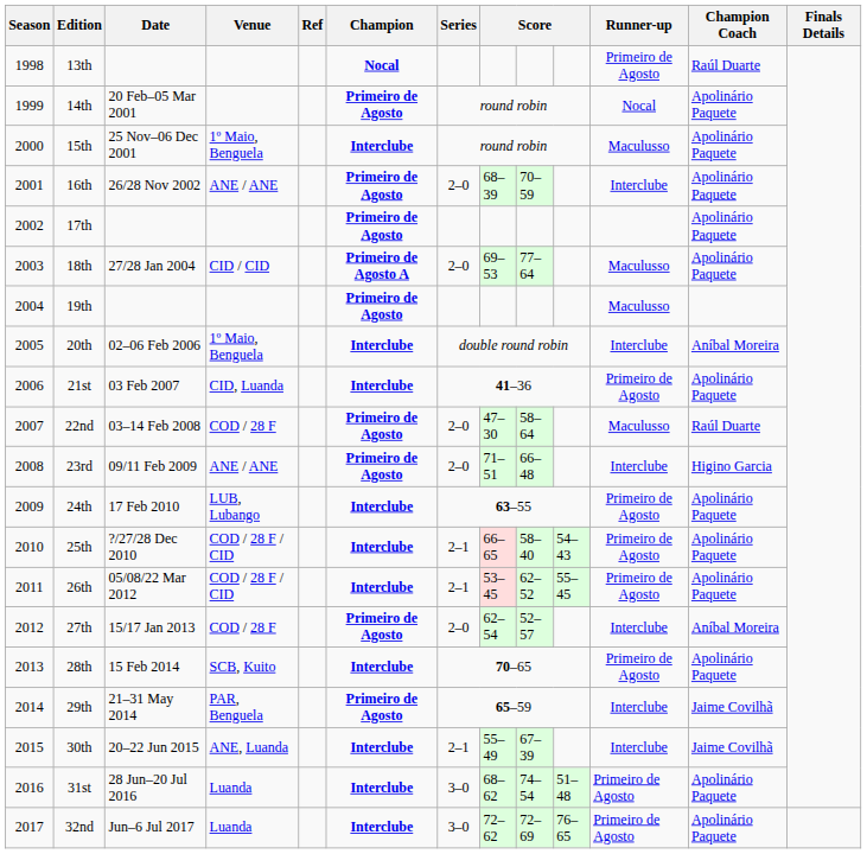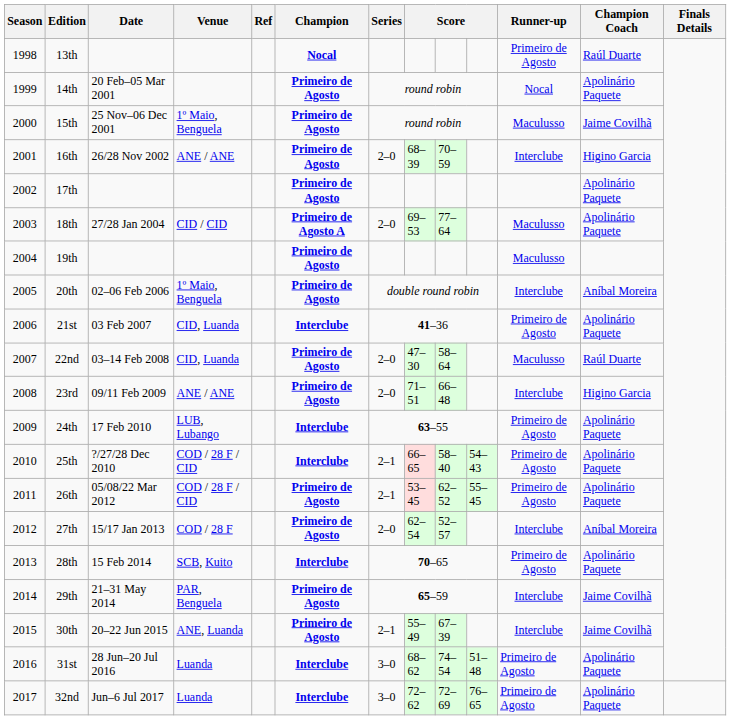 <table class="wikitable" style="font-size: 90%;">
 <tr>
 <th>Season</th>
 <th>Edition</th>
 <th>Date</th>
 <th>Venue</th>
 <th>Ref</th>
 <th>Champion</th>
 <th>Series</th>
 <th colspan=3>Score</th>
 <th>Runner-up</th>
 <th>Champion Coach</th>
 <th>Finals Details</th>
 </tr>
 <tr style="text-align:center;">
 <td>1998</td>
 <td>13th</td>
 <td></td>
 <td></td>
 <td></td>
 <td><strong><a href='#'>Nocal</a></strong></td>
 <td></td>
 <td></td>
 <td></td>
 <td></td>
 <td><a href='#'>Primeiro de Agosto</a></td>
 <td style="text-align:left;"> <a href='#'>Raúl Duarte</a></td>
 </tr>
 <tr style="text-align:center;">
 <td>1999</td>
 <td>14th</td>
 <td style="text-align:left;">20 Feb–05 Mar 2001</td>
 <td></td>
 <td style="text-align:left;"></td>
 <td><strong><a href='#'>Primeiro de Agosto</a></strong></td>
 <td colspan=4><em>round robin</em></td>
 <td><a href='#'>Nocal</a></td>
 <td style="text-align:left;"> <a href='#'>Apolinário Paquete</a></td>
 </tr>
 <tr>
 <td style="text-align:center;">2000</td>
 <td style="text-align:center;">15th</td>
 <td>25 Nov–06 Dec 2001</td>
 <td><a href='#'>1º Maio</a>, <a href='#'>Benguela</a></td>
 <td></td>
-<td style="text-align:center;"><strong><a href='#'>Interclube</a></strong></td>
+<td style="text-align:center;"><strong><a href='#'>Primeiro de Agosto</a></strong></td>
 <td colspan=4 style="text-align:center;"><em>round robin</em></td>
 <td style="text-align:center;"><a href='#'>Maculusso</a></td>
-<td> <a href='#'>Apolinário Paquete</a></td>
+<td> <a href='#'>Jaime Covilhã</a></td>
 </tr>
 <tr>
 <td style="text-align:center;">2001</td>
 <td style="text-align:center;">16th</td>
 <td>26/28 Nov 2002</td>
 <td><a href='#'>ANE</a> / <a href='#'>ANE</a></td>
 <td></td>
 <td style="text-align:center;"><strong><a href='#'>Primeiro de Agosto</a></strong></td>
 <td style="text-align:center;">2–0</td>
 <td style="background:#dfd;">68–39</td>
 <td style="background:#dfd;">70–59</td>
 <td></td>
 <td style="text-align:center;"><a href='#'>Interclube</a></td>
-<td> <a href='#'>Apolinário Paquete</a></td>
+<td> <a href='#'>Higino Garcia</a></td>
 </tr>
 <tr style="text-align:center;">
 <td>2002</td>
 <td>17th</td>
 <td></td>
 <td></td>
 <td></td>
 <td><strong><a href='#'>Primeiro de Agosto</a></strong></td>
 <td></td>
 <td></td>
 <td></td>
 <td></td>
 <td></td>
 <td style="text-align:left;"> <a href='#'>Apolinário Paquete</a></td>
 </tr>
 <tr>
 <td style="text-align:center;">2003</td>
 <td style="text-align:center;">18th</td>
 <td>27/28 Jan 2004</td>
 <td><a href='#'>CID</a> / <a href='#'>CID</a></td>
 <td></td>
 <td style="text-align:center;"><strong><a href='#'>Primeiro de Agosto A</a></strong></td>
 <td style="text-align:center;">2–0</td>
 <td style="background:#dfd;">69–53</td>
 <td style="background:#dfd;">77–64</td>
 <td></td>
 <td style="text-align:center;"><a href='#'>Maculusso</a></td>
 <td> <a href='#'>Apolinário Paquete</a></td>
 </tr>
 <tr style="text-align:center;">
 <td>2004</td>
 <td>19th</td>
 <td></td>
 <td></td>
 <td></td>
 <td><strong><a href='#'>Primeiro de Agosto</a></strong></td>
 <td></td>
 <td></td>
 <td></td>
 <td></td>
 <td><a href='#'>Maculusso</a></td>
 <td></td>
 </tr>
 <tr style="text-align:center;">
 <td>2005</td>
 <td>20th</td>
 <td style="text-align:left;">02–06 Feb 2006</td>
 <td style="text-align:left;"><a href='#'>1º Maio</a>, <a href='#'>Benguela</a></td>
 <td></td>
-<td style="text-align:center;"><strong><a href='#'>Interclube</a></strong></td>
+<td><strong><a href='#'>Primeiro de Agosto</a></strong></td>
 <td colspan=4><em>double round robin</em></td>
 <td><a href='#'>Interclube</a></td>
 <td style="text-align:left;"> <a href='#'>Aníbal Moreira</a></td>
 </tr>
 <tr style="text-align:center;">
 <td>2006</td>
 <td>21st</td>
 <td style="text-align:left;">03 Feb 2007</td>
 <td style="text-align:left;"><a href='#'>CID</a>, <a href='#'>Luanda</a></td>
 <td></td>
 <td><strong><a href='#'>Interclube</a></strong></td>
 <td colspan=4><strong>41</strong>–36</td>
 <td><a href='#'>Primeiro de Agosto</a></td>
 <td style="text-align:left;"> <a href='#'>Apolinário Paquete</a></td>
 </tr>
 <tr>
 <td style="text-align:center;">2007</td>
 <td style="text-align:center;">22nd</td>
 <td>03–14 Feb 2008</td>
-<td><a href='#'>COD</a> / <a href='#'>28 F</a></td>
+<td style="text-align:left;"><a href='#'>CID</a>, <a href='#'>Luanda</a></td>
 <td></td>
 <td style="text-align:center;"><strong><a href='#'>Primeiro de Agosto</a></strong></td>
 <td style="text-align:center;">2–0</td>
 <td style="background:#dfd;">47–30</td>
 <td style="background:#dfd;">58–64</td>
 <td></td>
 <td style="text-align:center;"><a href='#'>Maculusso</a></td>
 <td> <a href='#'>Raúl Duarte</a></td>
 </tr>
 <tr>
 <td style="text-align:center;">2008</td>
 <td style="text-align:center;">23rd</td>
 <td>09/11 Feb 2009</td>
 <td><a href='#'>ANE</a> / <a href='#'>ANE</a></td>
 <td></td>
 <td style="text-align:center;"><strong><a href='#'>Primeiro de Agosto</a></strong></td>
 <td style="text-align:center;">2–0</td>
 <td style="background:#dfd;">71–51</td>
 <td style="background:#dfd;">66–48</td>
 <td></td>
 <td style="text-align:center;"><a href='#'>Interclube</a></td>
 <td> <a href='#'>Higino Garcia</a></td>
 </tr>
 <tr style="text-align:center;">
 <td>2009</td>
 <td>24th</td>
 <td style="text-align:left;">17 Feb 2010</td>
 <td style="text-align:left;"><a href='#'>LUB</a>, <a href='#'>Lubango</a></td>
 <td style="text-align:left;"></td>
 <td><strong><a href='#'>Interclube</a></strong></td>
 <td colspan=4><strong>63</strong>–55</td>
 <td><a href='#'>Primeiro de Agosto</a></td>
 <td style="text-align:left;"> <a href='#'>Apolinário Paquete</a></td>
 </tr>
 <tr>
 <td style="text-align:center;">2010</td>
 <td style="text-align:center;">25th</td>
 <td>?/27/28 Dec 2010</td>
 <td><a href='#'>COD</a> / <a href='#'>28 F</a> / <a href='#'>CID</a></td>
 <td></td>
 <td style="text-align:center;"><strong><a href='#'>Interclube</a></strong></td>
 <td style="text-align:center;">2–1</td>
 <td style="background:#fdd;">66–65</td>
 <td style="background:#dfd;">58–40</td>
 <td style="background:#dfd;">54–43</td>
 <td style="text-align:center;"><a href='#'>Primeiro de Agosto</a></td>
 <td> <a href='#'>Apolinário Paquete</a></td>
 </tr>
 <tr>
 <td style="text-align:center;">2011</td>
 <td style="text-align:center;">26th</td>
 <td>05/08/22 Mar 2012</td>
 <td><a href='#'>COD</a> / <a href='#'>28 F</a> / <a href='#'>CID</a></td>
 <td></td>
-<td style="text-align:center;"><strong><a href='#'>Interclube</a></strong></td>
+<td style="text-align:center;"><strong><a href='#'>Primeiro de Agosto</a></strong></td>
 <td style="text-align:center;">2–1</td>
 <td style="background:#fdd;">53–45</td>
 <td style="background:#dfd;">62–52</td>
 <td style="background:#dfd;">55–45</td>
 <td style="text-align:center;"><a href='#'>Primeiro de Agosto</a></td>
 <td> <a href='#'>Apolinário Paquete</a></td>
 </tr>
 <tr>
 <td style="text-align:center;">2012</td>
 <td style="text-align:center;">27th</td>
 <td>15/17 Jan 2013</td>
 <td><a href='#'>COD</a> / <a href='#'>28 F</a></td>
 <td></td>
 <td style="text-align:center;"><strong><a href='#'>Primeiro de Agosto</a></strong></td>
 <td style="text-align:center;">2–0</td>
 <td style="background:#dfd;">62–54</td>
 <td style="background:#dfd;">52–57</td>
 <td></td>
 <td style="text-align:center;"><a href='#'>Interclube</a></td>
 <td> <a href='#'>Aníbal Moreira</a></td>
 </tr>
 <tr>
 <td style="text-align:center;">2013</td>
 <td style="text-align:center;">28th</td>
 <td>15 Feb 2014</td>
 <td><a href='#'>SCB</a>, <a href='#'>Kuito</a></td>
 <td></td>
 <td style="text-align:center;"><strong><a href='#'>Interclube</a></strong></td>
 <td colspan=4 style="text-align:center;"><strong>70</strong>–65</td>
 <td style="text-align:center;"><a href='#'>Primeiro de Agosto</a></td>
 <td> <a href='#'>Apolinário Paquete</a></td>
 </tr>
 <tr>
 <td style="text-align:center;">2014</td>
 <td style="text-align:center;">29th</td>
 <td>21–31 May 2014</td>
 <td><a href='#'>PAR</a>, <a href='#'>Benguela</a></td>
 <td></td>
 <td style="text-align:center;"><strong><a href='#'>Primeiro de Agosto</a></strong></td>
 <td colspan=4 style="text-align:center;"><strong>65</strong>–59</td>
 <td style="text-align:center;"><a href='#'>Interclube</a></td>
 <td> <a href='#'>Jaime Covilhã</a></td>
 </tr>
 <tr>
 <td style="text-align:center;">2015</td>
 <td style="text-align:center;">30th</td>
 <td>20–22 Jun 2015</td>
 <td><a href='#'>ANE</a>, <a href='#'>Luanda</a></td>
 <td></td>
-<td style="text-align:center;"><strong><a href='#'>Interclube</a></strong></td>
+<td style="text-align:center;"><strong><a href='#'>Primeiro de Agosto</a></strong></td>
 <td style="text-align:center;">2–1</td>
 <td style="background:#dfd;">55–49</td>
 <td style="background:#dfd;">67–39</td>
 <td></td>
 <td style="text-align:center;"><a href='#'>Interclube</a></td>
 <td> <a href='#'>Jaime Covilhã</a></td>
 </tr>
 <tr>
 <td style="text-align:center;">2016</td>
 <td style="text-align:center;">31st</td>
 <td>28 Jun–20 Jul 2016</td>
 <td><a href='#'>Luanda</a></td>
 <td></td>
 <td style="text-align:center;"><strong><a href='#'>Interclube</a></strong></td>
 <td style="text-align:center;">3–0</td>
 <td style="background:#dfd;">68–62</td>
 <td style="background:#dfd;">74–54</td>
 <td style="background:#dfd;">51–48</td>
 <td><a href='#'>Primeiro de Agosto</a></td>
 <td> <a href='#'>Apolinário Paquete</a></td>
 </tr>
 <tr>
 <td style="text-align:center;">2017</td>
 <td style="text-align:center;">32nd</td>
 <td>Jun–6 Jul 2017</td>
 <td><a href='#'>Luanda</a></td>
 <td></td>
 <td style="text-align:center;"><strong><a href='#'>Interclube</a></strong></td>
 <td style="text-align:center;">3–0</td>
 <td style="background:#dfd;">72–62</td>
 <td style="background:#dfd;">72–69</td>
 <td style="background:#dfd;">76–65</td>
 <td><a href='#'>Primeiro de Agosto</a></td>
 <td> <a href='#'>Apolinário Paquete</a></td>
 <td><br>  <br></td>
 </tr>
 </table>
